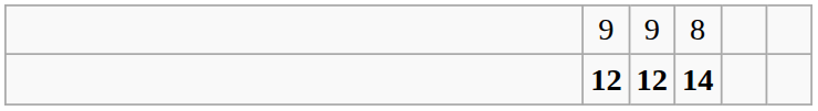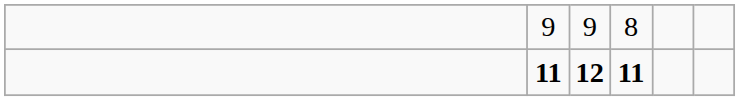 <table class="wikitable">
 <tr>
 <td style="width:18em"></td>
 <td align=center style="width:1em">9</td>
 <td align=center style="width:1em">9</td>
 <td align=center style="width:1em">8</td>
 <td align=center style="width:1em"></td>
 <td align=center style="width:1em"></td>
 </tr>
 <tr>
 <td style="width:18em"></td>
+<td align=center style="width:1em"><strong>11</strong></td>
 <td align=center style="width:1em"><strong>12</strong></td>
-<td align=center style="width:1em"><strong>12</strong></td>
-<td align=center style="width:1em"><strong>14</strong></td>
+<td align=center style="width:1em"><strong>11</strong></td>
 <td align=center style="width:1em"></td>
 <td align=center style="width:1em"></td>
 </tr>
 </table>
